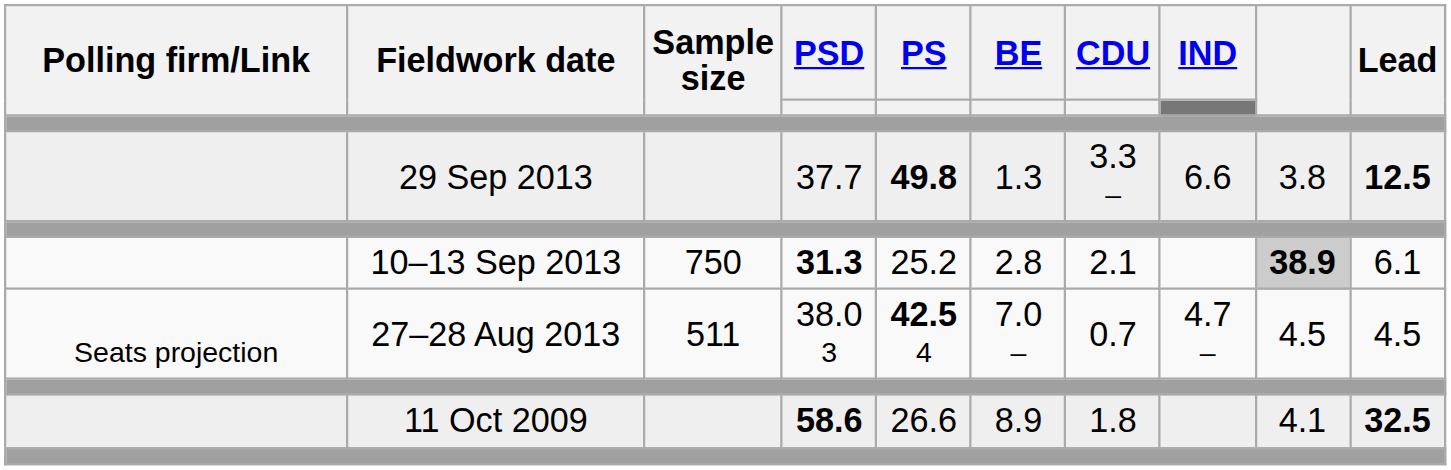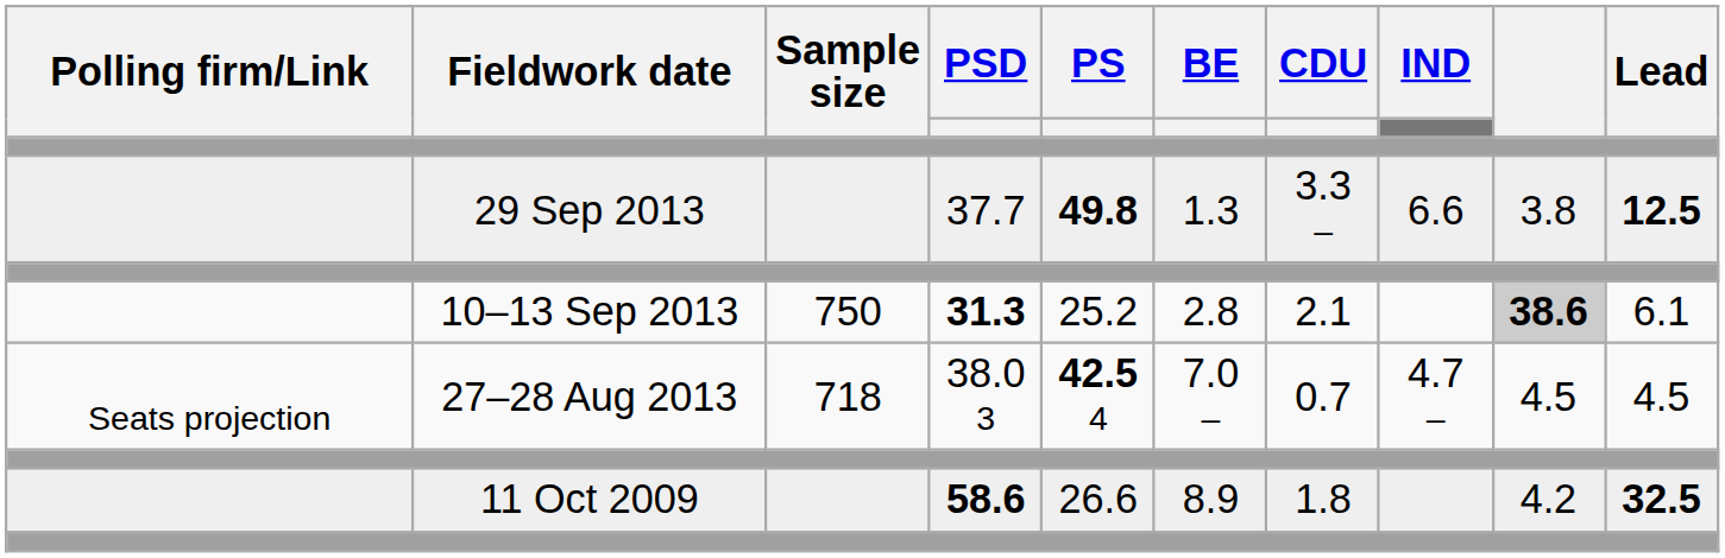 <table class="wikitable collapsible sortable" style="text-align:center; font-size:95%; line-height:16px;">
 <tr style="height:42px;">
 <th style="width:145px;" rowspan="2">Polling firm/Link</th>
 <th style="width:125px;" rowspan="2">Fieldwork date</th>
 <th class="unsortable" style="width:50px;" rowspan="2">Sample size</th>
 <th class="unsortable" style="width:35px;"><a href='#'>PSD</a></th>
 <th class="unsortable" style="width:35px;"><a href='#'>PS</a></th>
 <th class="unsortable" style="width:35px;"><a href='#'>BE</a></th>
 <th class="unsortable" style="width:35px;"><a href='#'>CDU</a></th>
 <th class="unsortable" style="width:35px;"><a href='#'>IND</a></th>
 <th class="unsortable" style="width:35px;" rowspan="2"></th>
 <th class="unsortable" style="width:30px;" rowspan="2">Lead</th>
 </tr>
 <tr>
 <th class="unsortable" style="color:inherit;background:"></th>
 <th class="unsortable" style="color:inherit;background:"></th>
 <th class="unsortable" style="color:inherit;background:"></th>
 <th class="unsortable" style="color:inherit;background:"></th>
 <th class="unsortable" style="color:inherit;background:#777777;"></th>
 </tr>
 <tr>
 <td colspan="13" style="background:#A0A0A0"></td>
 </tr>
 <tr style="background:#EFEFEF;">
 <td><strong></strong></td>
 <td data-sort-value="2019-10-06">29 Sep 2013</td>
 <td></td>
 <td>37.7<br></td>
 <td><strong>49.8</strong><br></td>
 <td>1.3<br></td>
 <td align="center">3.3<br><small> –   </small></td>
 <td>6.6<br></td>
 <td>3.8</td>
 <td style="background:"><strong>12.5</strong></td>
 </tr>
 <tr>
 <td colspan="13" style="background:#A0A0A0"></td>
 </tr>
 <tr>
 <td align="center"></td>
 <td align="center">10–13 Sep 2013</td>
 <td>750</td>
 <td align="center" ><strong>31.3</strong></td>
 <td align="center">25.2</td>
 <td align="center">2.8</td>
 <td align="center">2.1</td>
 <td></td>
-<td align="center" style="background:#cccccc"><strong>38.9</strong></td>
+<td align="center" style="background:#cccccc"><strong>38.6</strong></td>
 <td style="background:">6.1</td>
 </tr>
 <tr>
 <td align="center"><br><small>Seats projection</small></td>
 <td align="center">27–28 Aug 2013</td>
-<td>511</td>
+<td>718</td>
 <td align="center">38.0<br><small>3</small></td>
 <td align="center" ><strong>42.5</strong><br><small>4</small></td>
 <td align="center">7.0<br><small> –   </small></td>
 <td>0.7<br></td>
 <td align="center">4.7<br><small> –   </small></td>
 <td align="center">4.5</td>
 <td style="background:">4.5</td>
 </tr>
 <tr>
 <td colspan="13" style="background:#A0A0A0"></td>
 </tr>
 <tr style="background:#EFEFEF;">
 <td><strong></strong></td>
 <td data-sort-value="2019-10-06">11 Oct 2009</td>
 <td></td>
 <td><strong>58.6</strong><br></td>
 <td>26.6<br></td>
 <td>8.9<br></td>
 <td>1.8<br></td>
 <td></td>
-<td>4.1</td>
+<td>4.2</td>
 <td style="background:"><strong>32.5</strong></td>
 </tr>
 <tr>
 <td colspan="13" style="background:#A0A0A0"></td>
 </tr>
 <tr>
 </tr>
 </table>
